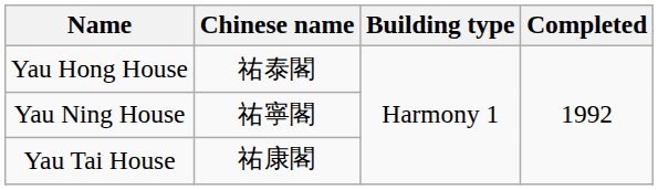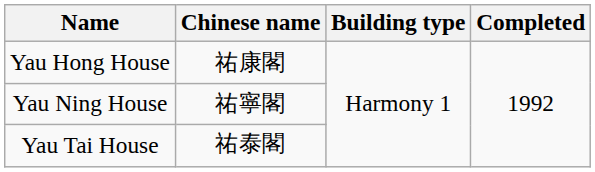 <table class="wikitable" style="text-align: center">
 <tr>
 <th>Name</th>
 <th>Chinese name</th>
 <th>Building type</th>
 <th>Completed</th>
 </tr>
 <tr>
 <td>Yau Hong House</td>
-<td>祐泰閣</td>
+<td>祐康閣</td>
 <td rowspan="3">Harmony 1</td>
 <td rowspan="3">1992</td>
 </tr>
 <tr>
 <td>Yau Ning House</td>
 <td>祐寧閣</td>
 </tr>
 <tr>
 <td>Yau Tai House</td>
-<td>祐康閣</td>
+<td>祐泰閣</td>
 </tr>
 </table>
